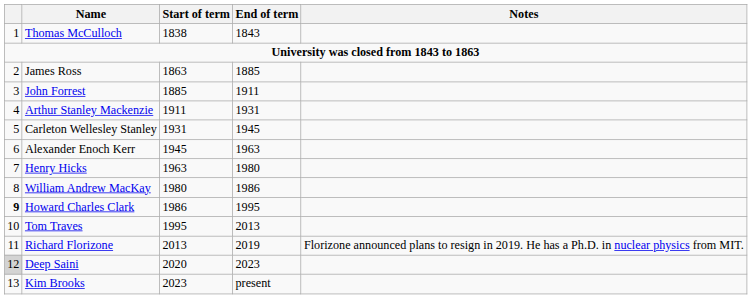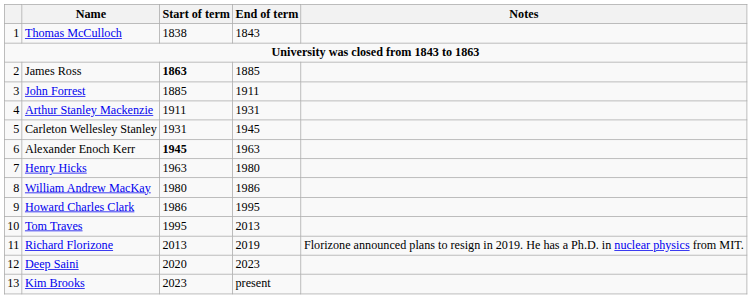 <table class="sortable wikitable">
 <tr>
 <th></th>
 <th>Name</th>
 <th>Start of term</th>
 <th>End of term</th>
 <th>Notes</th>
 </tr>
 <tr>
 <td style="text-align: right;">1</td>
 <td><a href='#'>Thomas McCulloch</a></td>
 <td>1838</td>
 <td>1843</td>
 <td></td>
 </tr>
 <tr>
 <td colspan=5 style="text-align: center; font-style: bold;"><strong>University was closed from 1843 to 1863</strong></td>
 </tr>
 <tr>
 <td style="text-align: right;">2</td>
 <td>James Ross</td>
-<td>1863</td>
+<td><strong>1863</strong></td>
 <td>1885</td>
 <td></td>
 </tr>
 <tr>
 <td style="text-align: right;">3</td>
 <td><a href='#'>John Forrest</a></td>
 <td>1885</td>
 <td>1911</td>
 <td></td>
 </tr>
 <tr>
 <td style="text-align: right;">4</td>
 <td><a href='#'>Arthur Stanley Mackenzie</a></td>
 <td>1911</td>
 <td>1931</td>
 <td></td>
 </tr>
 <tr>
 <td style="text-align: right;">5</td>
 <td>Carleton Wellesley Stanley</td>
 <td>1931</td>
 <td>1945</td>
 <td></td>
 </tr>
 <tr>
 <td style="text-align: right;">6</td>
 <td>Alexander Enoch Kerr</td>
-<td>1945</td>
+<td><strong>1945</strong></td>
 <td>1963</td>
 <td></td>
 </tr>
 <tr>
 <td style="text-align: right;">7</td>
 <td><a href='#'>Henry Hicks</a></td>
 <td>1963</td>
 <td>1980</td>
 <td></td>
 </tr>
 <tr>
 <td style="text-align: right;">8</td>
 <td><a href='#'>William Andrew MacKay</a></td>
 <td>1980</td>
 <td>1986</td>
 <td></td>
 </tr>
 <tr>
-<td style="text-align: right;"><strong>9</strong></td>
+<td style="text-align: right;">9</td>
 <td><a href='#'>Howard Charles Clark</a></td>
 <td>1986</td>
 <td>1995</td>
 <td></td>
 </tr>
 <tr>
 <td style="text-align: right;">10</td>
 <td><a href='#'>Tom Traves</a></td>
 <td>1995</td>
 <td>2013</td>
 <td></td>
 </tr>
 <tr>
 <td style="text-align: right;">11</td>
 <td><a href='#'>Richard Florizone</a></td>
 <td>2013</td>
 <td>2019</td>
 <td>Florizone announced plans to resign in 2019. He has a Ph.D. in <a href='#'>nuclear physics</a> from MIT.</td>
 </tr>
 <tr>
-<td style="background: lightgrey; text-align: right;">12</td>
+<td style="text-align: right;">12</td>
 <td><a href='#'>Deep Saini</a></td>
 <td>2020</td>
 <td>2023</td>
 <td></td>
 </tr>
 <tr>
 <td style="text-align: right;">13</td>
 <td><a href='#'>Kim Brooks</a></td>
 <td>2023</td>
 <td>present</td>
 <td></td>
 </tr>
 </table>
